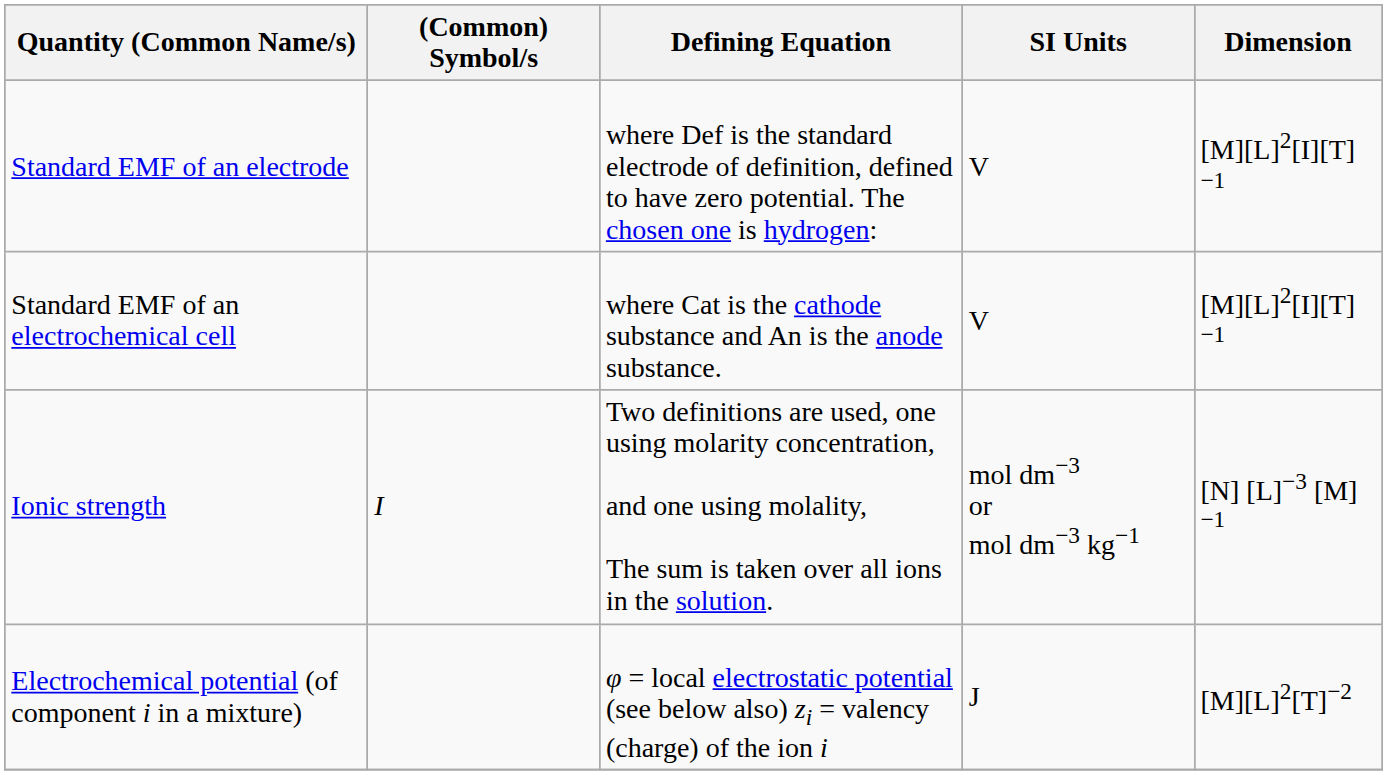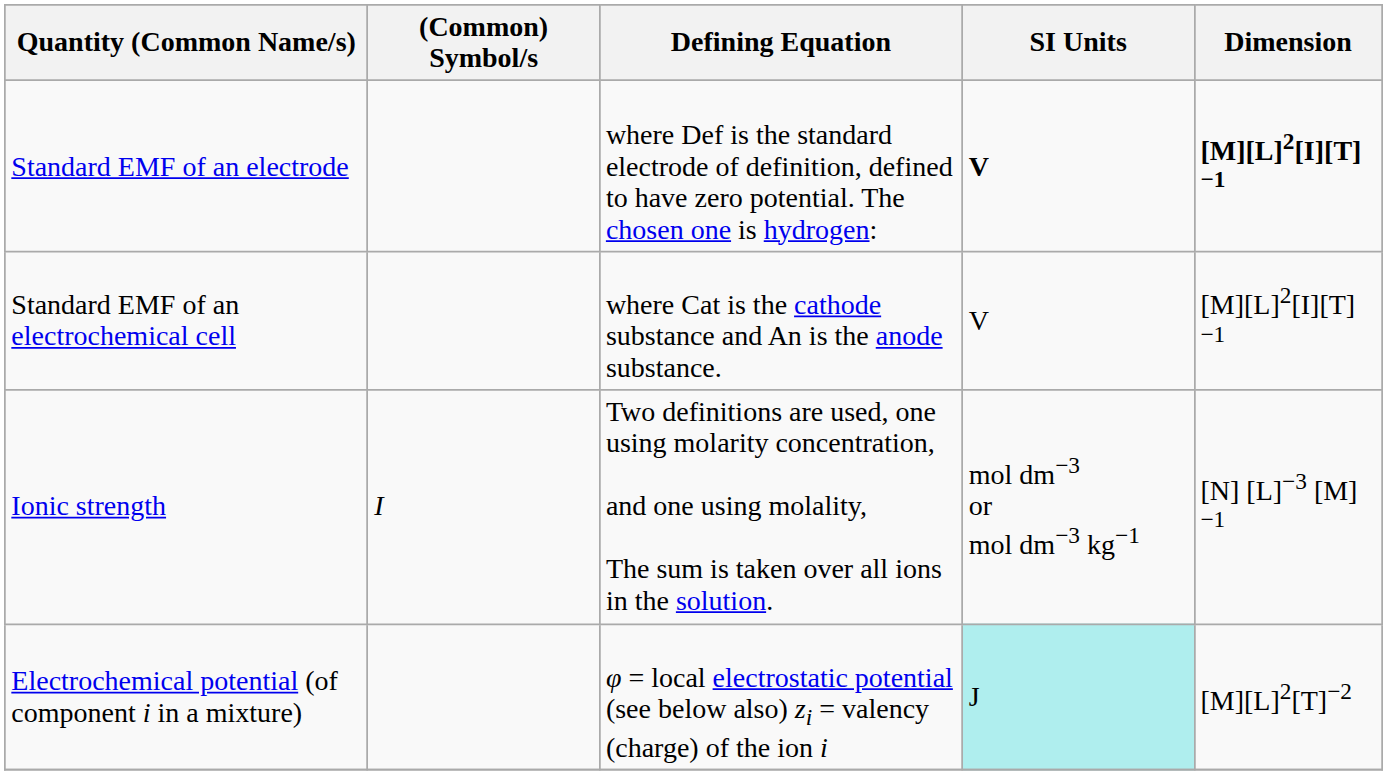 <table class="wikitable">
 <tr>
 <th scope="col" width="200">Quantity (Common Name/s)</th>
 <th scope="col" width="125">(Common) Symbol/s</th>
 <th scope="col" width="200">Defining Equation</th>
 <th scope="col" width="125">SI Units</th>
 <th scope="col" width="100">Dimension</th>
 </tr>
 <tr>
 <td><a href='#'>Standard EMF of an electrode</a></td>
 <td></td>
 <td><br>where Def is the standard electrode of definition, defined to have zero potential. The <a href='#'>chosen one</a> is <a href='#'>hydrogen</a>:<br></td>
-<td>V</td>
-<td>[M][L]<sup>2</sup>[I][T]<sup>−1</sup></td>
+<td><strong>V</strong></td>
+<td><strong>[M][L]<sup>2</sup>[I][T]<sup>−1</sup></strong></td>
 </tr>
 <tr>
 <td>Standard EMF of an <a href='#'>electrochemical cell</a></td>
 <td></td>
 <td><br>where Cat is the <a href='#'>cathode</a> substance and An is the <a href='#'>anode</a> substance.</td>
 <td>V</td>
 <td>[M][L]<sup>2</sup>[I][T]<sup>−1</sup></td>
 </tr>
 <tr>
 <td><a href='#'>Ionic strength</a></td>
 <td><em>I</em></td>
 <td>Two definitions are used, one using molarity concentration,<br><br>and one using molality,<br><br>The sum is taken over all ions in the <a href='#'>solution</a>.</td>
 <td>mol dm<sup>−3</sup><br>or<br>mol dm<sup>−3</sup> kg<sup>−1</sup></td>
 <td>[N] [L]<sup>−3</sup> [M]<sup>−1</sup></td>
 </tr>
 <tr>
 <td><a href='#'>Electrochemical potential</a> (of component <em>i</em> in a mixture)</td>
 <td></td>
 <td><br><em>φ</em> = local <a href='#'>electrostatic potential</a>  (see below also) <em>z<sub>i</sub></em> = valency (charge)  of the ion <em>i</em></td>
-<td>J</td>
+<td style="background: paleturquoise;">J</td>
 <td>[M][L]<sup>2</sup>[T]<sup>−2</sup></td>
 </tr>
 <tr>
 </tr>
 </table>
